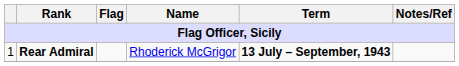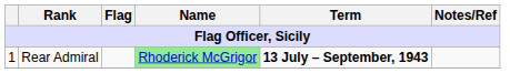 <table class="wikitable">
 <tr>
 <th></th>
 <th>Rank</th>
 <th>Flag</th>
 <th>Name</th>
 <th>Term</th>
 <th>Notes/Ref</th>
 </tr>
 <tr>
 <td colspan="6" align="center" style="background:#dcdcfe;"><strong>Flag Officer, Sicily</strong> </td>
 </tr>
 <tr>
 <td>1</td>
-<td><strong>Rear Admiral</strong></td>
+<td>Rear Admiral</td>
 <td></td>
-<td><a href='#'>Rhoderick McGrigor</a></td>
+<td style="background: lightgreen;"><a href='#'>Rhoderick McGrigor</a></td>
 <td><strong>13 July – September, 1943</strong></td>
 <td></td>
 </tr>
 <tr>
 </tr>
 </table>
